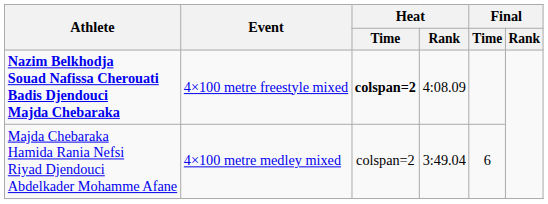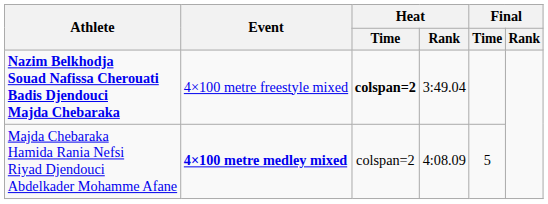 <table class=wikitable style="font-size:90%">
 <tr>
 <th rowspan=2>Athlete</th>
 <th rowspan=2>Event</th>
 <th colspan=2>Heat</th>
 <th colspan=2>Final</th>
 </tr>
 <tr style="font-size:95%">
 <th>Time</th>
 <th>Rank</th>
 <th>Time</th>
 <th>Rank</th>
 </tr>
 <tr align=center>
 <td align=left><strong><a href='#'>Nazim Belkhodja</a><br><a href='#'>Souad Nafissa Cherouati</a><br><a href='#'>Badis Djendouci</a><br><a href='#'>Majda Chebaraka</a></strong></td>
 <td align=left><a href='#'>4×100 metre freestyle mixed</a></td>
 <td><strong>colspan=2 </strong></td>
-<td>4:08.09</td>
+<td>3:49.04</td>
 <td></td>
 </tr>
 <tr align=center>
 <td align=left><a href='#'>Majda Chebaraka</a><br><a href='#'>Hamida Rania Nefsi</a><br><a href='#'>Riyad Djendouci</a><br><a href='#'>Abdelkader Mohamme Afane</a></td>
-<td align=left><a href='#'>4×100 metre medley mixed</a></td>
+<td align=left><strong><a href='#'>4×100 metre medley mixed</a></strong></td>
 <td>colspan=2 </td>
-<td>3:49.04</td>
-<td>6</td>
+<td>4:08.09</td>
+<td>5</td>
 </tr>
 </table>
